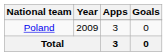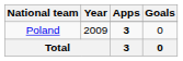 <table class="wikitable" style="text-align:center">
 <tr>
 <th>National team</th>
 <th>Year</th>
 <th>Apps</th>
 <th>Goals</th>
 </tr>
 <tr>
 <td rowspan=2><a href='#'>Poland</a></td>
 </tr>
 <tr>
 <td>2009</td>
-<td>3</td>
+<td><strong>3</strong></td>
 <td>0</td>
 </tr>
 <tr>
 <th colspan="2">Total</th>
 <th>3</th>
 <th>0</th>
 </tr>
 </table>
